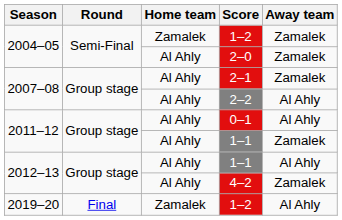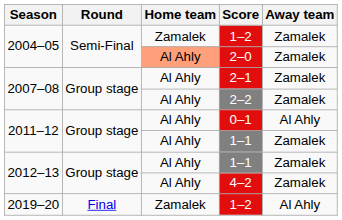 <table class="wikitable" style="text-align: center;">
 <tr>
 <th>Season</th>
 <th>Round</th>
 <th>Home team</th>
 <th>Score</th>
 <th>Away team</th>
 </tr>
 <tr>
 <td rowspan="2">2004–05</td>
 <td rowspan="2">Semi-Final</td>
 <td>Zamalek</td>
 <td style="text-align:center; background:#E20E0E; color:#FFFFFF">1–2</td>
 <td>Zamalek</td>
 </tr>
 <tr>
-<td>Al Ahly</td>
+<td style="background: lightsalmon;">Al Ahly</td>
 <td style="text-align:center; background:#E20E0E; color:#FFFFFF">2–0</td>
 <td>Zamalek</td>
 </tr>
 <tr>
 <td rowspan="2">2007–08</td>
 <td rowspan="2">Group stage</td>
 <td>Al Ahly</td>
 <td style="text-align:center; background:#E20E0E; color:#FFFFFF">2–1</td>
 <td>Zamalek</td>
 </tr>
 <tr>
 <td>Al Ahly</td>
 <td style="text-align:center; background:#808080;color:white;">2–2</td>
-<td>Al Ahly</td>
+<td>Zamalek</td>
 </tr>
 <tr>
 <td rowspan="2">2011–12</td>
 <td rowspan="2">Group stage</td>
 <td>Al Ahly</td>
 <td style="text-align:center; background:#E20E0E; color:#FFFFFF">0–1</td>
 <td>Al Ahly</td>
 </tr>
 <tr>
 <td>Al Ahly</td>
 <td style="text-align:center; background:#808080;color:white;">1–1</td>
 <td>Zamalek</td>
 </tr>
 <tr>
 <td rowspan="2">2012–13</td>
 <td rowspan="2">Group stage</td>
 <td>Al Ahly</td>
 <td style="text-align:center; background:#808080;color:white;">1–1</td>
-<td>Al Ahly</td>
+<td>Zamalek</td>
 </tr>
 <tr>
 <td>Al Ahly</td>
 <td style="text-align:center; background:#E20E0E; color:#FFFFFF">4–2</td>
 <td>Zamalek</td>
 </tr>
 <tr>
 <td>2019–20</td>
 <td><a href='#'>Final</a></td>
 <td>Zamalek</td>
 <td style="text-align:center; background:#E20E0E; color:#FFFFFF">1–2</td>
 <td>Al Ahly</td>
 </tr>
 </table>
